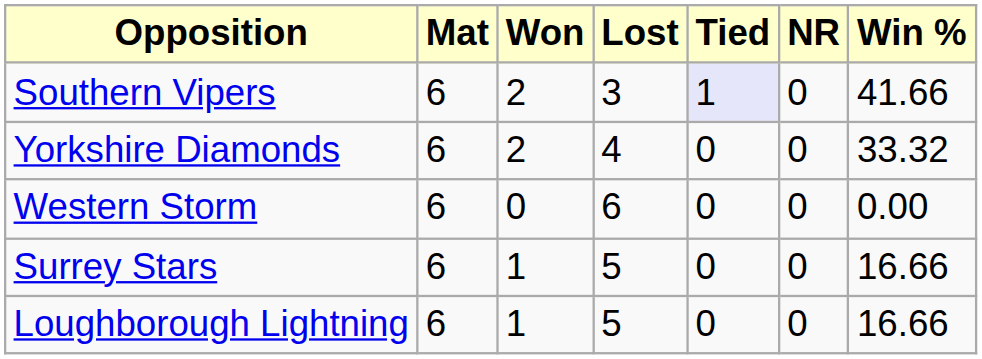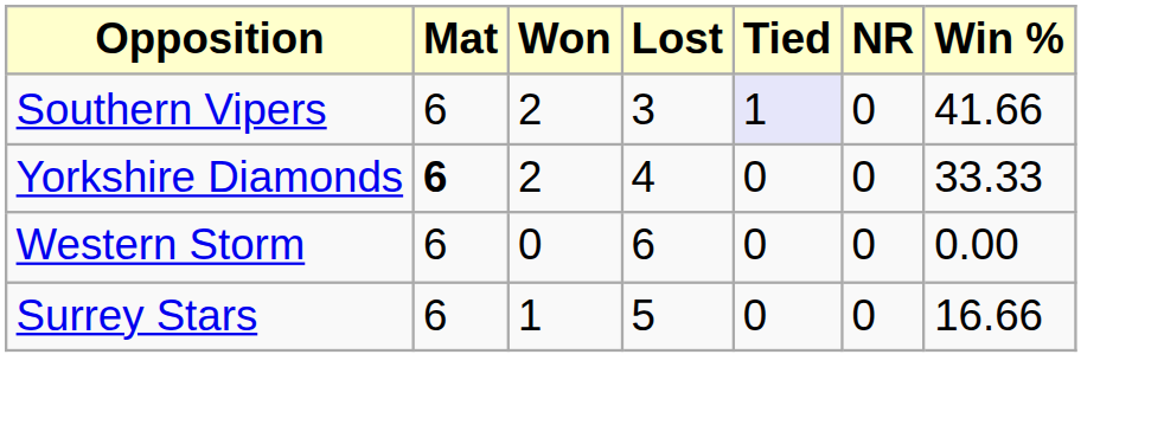 <table class="wikitable sortable">
 <tr>
 <th style="background:#ffc;">Opposition</th>
 <th style="background:#ffc;">Mat</th>
 <th style="background:#ffc;">Won</th>
 <th style="background:#ffc;">Lost</th>
 <th style="background:#ffc;">Tied</th>
 <th style="background:#ffc;">NR</th>
 <th style="background:#ffc;">Win %</th>
 </tr>
 <tr>
 <td><a href='#'>Southern Vipers</a></td>
 <td>6</td>
 <td>2</td>
 <td>3</td>
 <td style="background: lavender;">1</td>
 <td>0</td>
 <td>41.66</td>
 </tr>
 <tr>
 <td><a href='#'>Yorkshire Diamonds</a></td>
-<td>6</td>
+<td><strong>6</strong></td>
 <td>2</td>
 <td>4</td>
 <td>0</td>
 <td>0</td>
-<td>33.32</td>
+<td>33.33</td>
 </tr>
 <tr>
 <td><a href='#'>Western Storm</a></td>
 <td>6</td>
 <td>0</td>
 <td>6</td>
 <td>0</td>
 <td>0</td>
 <td>0.00</td>
 </tr>
 <tr>
 <td><a href='#'>Surrey Stars</a></td>
 <td>6</td>
 <td>1</td>
 <td>5</td>
 <td>0</td>
 <td>0</td>
 <td>16.66</td>
 </tr>
-<tr>
-<td><a href='#'>Loughborough Lightning</a></td>
-<td>6</td>
-<td>1</td>
-<td>5</td>
-<td>0</td>
-<td>0</td>
-<td>16.66</td>
-</tr>
 </table>
